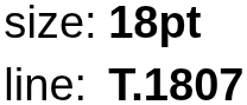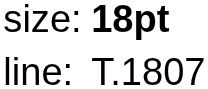 <table style="margin-left:40px;">
 <tr>
 <td>size:</td>
 <td><strong>18pt</strong></td>
 </tr>
 <tr>
 <td>line:</td>
-<td><strong>T.1807</strong></td>
+<td>T.1807</td>
 </tr>
 </table>
